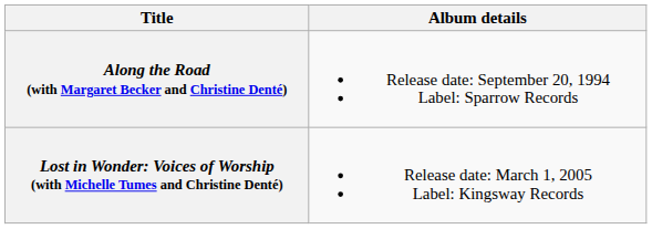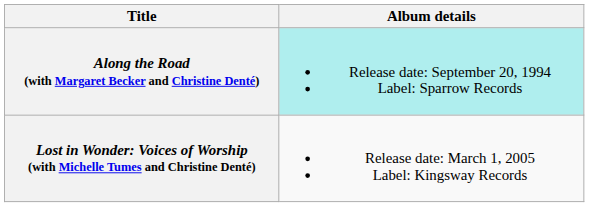 <table class="wikitable plainrowheaders" style="text-align:center;">
 <tr>
 <th style="width:18em;">Title</th>
 <th style="width:20em;">Album details</th>
 </tr>
 <tr>
 <th scope="row"><em>Along the Road</em><br><small>(with <a href='#'>Margaret Becker</a> and <a href='#'>Christine Denté</a>)</small></th>
-<td><br><ul><li>Release date: September 20, 1994</li><li>Label: Sparrow Records</li></ul></td>
+<td style="background: paleturquoise;"><br><ul><li>Release date: September 20, 1994</li><li>Label: Sparrow Records</li></ul></td>
 </tr>
 <tr>
 <th scope="row"><em>Lost in Wonder: Voices of Worship</em><br><small>(with <a href='#'>Michelle Tumes</a> and Christine Denté)</small></th>
 <td><br><ul><li>Release date: March 1, 2005</li><li>Label: Kingsway Records</li></ul></td>
 </tr>
 </table>
